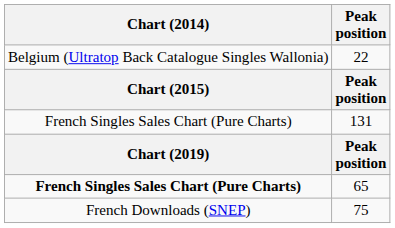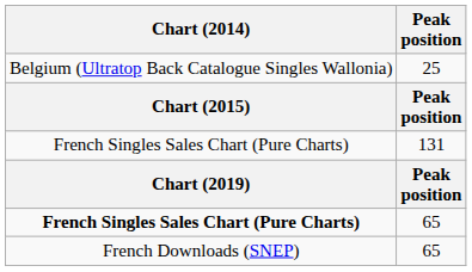 <table class="wikitable sortable plainrowheaders" style="text-align:center">
 <tr>
 <th scope="col">Chart (2014)</th>
 <th scope="col">Peak<br>position</th>
 </tr>
 <tr>
 <td>Belgium (<a href='#'>Ultratop</a> Back Catalogue Singles Wallonia)</td>
-<td>22</td>
+<td>25</td>
 </tr>
 <tr>
 <th>Chart (2015)</th>
 <th>Peak<br>position</th>
 </tr>
 <tr>
 <td>French Singles Sales Chart (Pure Charts)</td>
 <td style=align:center>131</td>
 </tr>
 <tr>
 <th>Chart (2019)</th>
 <th>Peak<br>position</th>
 </tr>
 <tr>
 <td><strong>French Singles Sales Chart (Pure Charts)</strong></td>
 <td>65</td>
 </tr>
 <tr>
 <td>French Downloads (<a href='#'>SNEP</a>)</td>
-<td>75</td>
+<td>65</td>
 </tr>
 </table>
